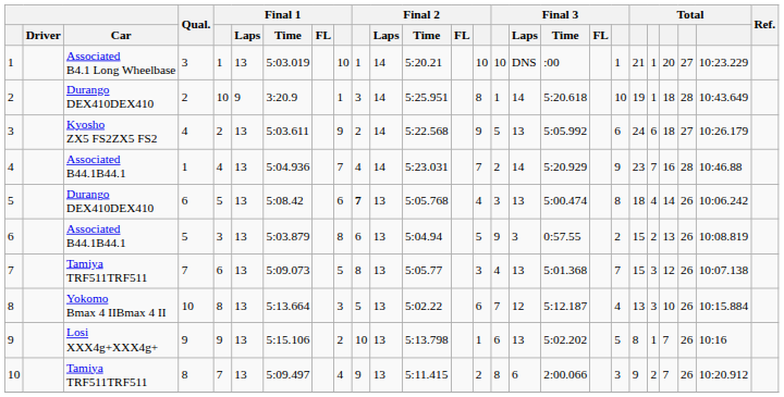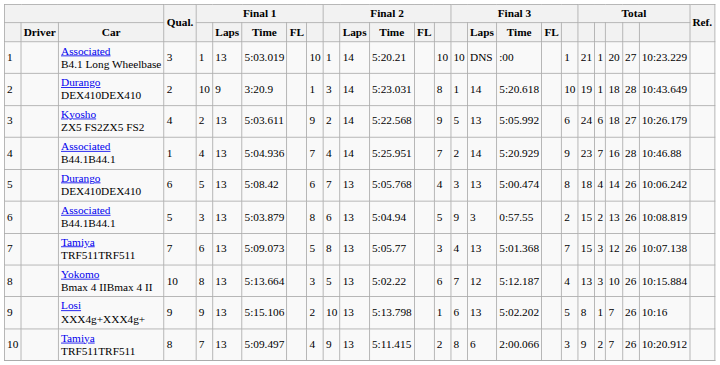 <table class="wikitable" style="font-size:85%;">
 <tr>
 <th colspan="3"></th>
 <th rowspan="2" style="text-align:center;">Qual.</th>
 <th colspan="5" style="text-align:center;">Final 1</th>
 <th colspan="5" style="text-align:center;">Final 2</th>
 <th colspan="5" style="text-align:center;">Final 3</th>
 <th colspan="5" style="text-align:center;">Total</th>
 <th rowspan="2" style="text-align:center;">Ref.</th>
 </tr>
 <tr>
 <th style="text-align:center;"></th>
 <th style="text-align:center;">Driver</th>
 <th style="text-align:center;">Car</th>
 <th style="text-align:center;"></th>
 <th style="text-align:center;">Laps</th>
 <th style="text-align:center;">Time</th>
 <th style="text-align:center;">FL</th>
 <th style="text-align:center;"></th>
 <th style="text-align:center;"></th>
 <th style="text-align:center;">Laps</th>
 <th style="text-align:center;">Time</th>
 <th style="text-align:center;">FL</th>
 <th style="text-align:center;"></th>
 <th style="text-align:center;"></th>
 <th style="text-align:center;">Laps</th>
 <th style="text-align:center;">Time</th>
 <th style="text-align:center;">FL</th>
 <th style="text-align:center;"></th>
 <th style="text-align:center;"></th>
 <th style="text-align:center;"></th>
 <th style="text-align:center;"></th>
 <th style="text-align:center;"></th>
 <th style="text-align:center;"></th>
 </tr>
 <tr>
 <td>1</td>
 <td></td>
 <td><a href='#'>Associated</a><br> B4.1 Long Wheelbase</td>
 <td>3</td>
 <td>1</td>
 <td>13</td>
 <td>5:03.019</td>
 <td></td>
 <td>10</td>
 <td>1</td>
 <td>14</td>
 <td>5:20.21</td>
 <td></td>
 <td>10</td>
 <td>10</td>
 <td>DNS</td>
 <td>:00</td>
 <td></td>
 <td>1</td>
 <td>21</td>
 <td>1</td>
 <td>20</td>
 <td>27</td>
 <td>10:23.229</td>
 <td></td>
 </tr>
 <tr>
 <td>2</td>
 <td></td>
 <td><a href='#'>Durango</a><br> DEX410DEX410</td>
 <td>2</td>
 <td>10</td>
 <td>9</td>
 <td>3:20.9</td>
 <td></td>
 <td>1</td>
 <td>3</td>
 <td>14</td>
-<td>5:25.951</td>
+<td>5:23.031</td>
 <td></td>
 <td>8</td>
 <td>1</td>
 <td>14</td>
 <td>5:20.618</td>
 <td></td>
 <td>10</td>
 <td>19</td>
 <td>1</td>
 <td>18</td>
 <td>28</td>
 <td>10:43.649</td>
 <td></td>
 </tr>
 <tr>
 <td>3</td>
 <td></td>
 <td><a href='#'>Kyosho</a><br> ZX5 FS2ZX5 FS2</td>
 <td>4</td>
 <td>2</td>
 <td>13</td>
 <td>5:03.611</td>
 <td></td>
 <td>9</td>
 <td>2</td>
 <td>14</td>
 <td>5:22.568</td>
 <td></td>
 <td>9</td>
 <td>5</td>
 <td>13</td>
 <td>5:05.992</td>
 <td></td>
 <td>6</td>
 <td>24</td>
 <td>6</td>
 <td>18</td>
 <td>27</td>
 <td>10:26.179</td>
 <td></td>
 </tr>
 <tr>
 <td>4</td>
 <td></td>
 <td><a href='#'>Associated</a><br> B44.1B44.1</td>
 <td>1</td>
 <td>4</td>
 <td>13</td>
 <td>5:04.936</td>
 <td></td>
 <td>7</td>
 <td>4</td>
 <td>14</td>
-<td>5:23.031</td>
+<td>5:25.951</td>
 <td></td>
 <td>7</td>
 <td>2</td>
 <td>14</td>
 <td>5:20.929</td>
 <td></td>
 <td>9</td>
 <td>23</td>
 <td>7</td>
 <td>16</td>
 <td>28</td>
 <td>10:46.88</td>
 <td></td>
 </tr>
 <tr>
 <td>5</td>
 <td></td>
 <td><a href='#'>Durango</a><br> DEX410DEX410</td>
 <td>6</td>
 <td>5</td>
 <td>13</td>
 <td>5:08.42</td>
 <td></td>
 <td>6</td>
-<td><strong>7</strong></td>
+<td>7</td>
 <td>13</td>
 <td>5:05.768</td>
 <td></td>
 <td>4</td>
 <td>3</td>
 <td>13</td>
 <td>5:00.474</td>
 <td></td>
 <td>8</td>
 <td>18</td>
 <td>4</td>
 <td>14</td>
 <td>26</td>
 <td>10:06.242</td>
 <td></td>
 </tr>
 <tr>
 <td>6</td>
 <td></td>
 <td><a href='#'>Associated</a><br> B44.1B44.1</td>
 <td>5</td>
 <td>3</td>
 <td>13</td>
 <td>5:03.879</td>
 <td></td>
 <td>8</td>
 <td>6</td>
 <td>13</td>
 <td>5:04.94</td>
 <td></td>
 <td>5</td>
 <td>9</td>
 <td>3</td>
 <td>0:57.55</td>
 <td></td>
 <td>2</td>
 <td>15</td>
 <td>2</td>
 <td>13</td>
 <td>26</td>
 <td>10:08.819</td>
 <td></td>
 </tr>
 <tr>
 <td>7</td>
 <td></td>
 <td><a href='#'>Tamiya</a><br> TRF511TRF511</td>
 <td>7</td>
 <td>6</td>
 <td>13</td>
 <td>5:09.073</td>
 <td></td>
 <td>5</td>
 <td>8</td>
 <td>13</td>
 <td>5:05.77</td>
 <td></td>
 <td>3</td>
 <td>4</td>
 <td>13</td>
 <td>5:01.368</td>
 <td></td>
 <td>7</td>
 <td>15</td>
 <td>3</td>
 <td>12</td>
 <td>26</td>
 <td>10:07.138</td>
 <td></td>
 </tr>
 <tr>
 <td>8</td>
 <td></td>
 <td><a href='#'>Yokomo</a><br> Bmax 4 IIBmax 4 II</td>
 <td>10</td>
 <td>8</td>
 <td>13</td>
 <td>5:13.664</td>
 <td></td>
 <td>3</td>
 <td>5</td>
 <td>13</td>
 <td>5:02.22</td>
 <td></td>
 <td>6</td>
 <td>7</td>
 <td>12</td>
 <td>5:12.187</td>
 <td></td>
 <td>4</td>
 <td>13</td>
 <td>3</td>
 <td>10</td>
 <td>26</td>
 <td>10:15.884</td>
 <td></td>
 </tr>
 <tr>
 <td>9</td>
 <td></td>
 <td><a href='#'>Losi</a><br> XXX4g+XXX4g+</td>
 <td>9</td>
 <td>9</td>
 <td>13</td>
 <td>5:15.106</td>
 <td></td>
 <td>2</td>
 <td>10</td>
 <td>13</td>
 <td>5:13.798</td>
 <td></td>
 <td>1</td>
 <td>6</td>
 <td>13</td>
 <td>5:02.202</td>
 <td></td>
 <td>5</td>
 <td>8</td>
 <td>1</td>
 <td>7</td>
 <td>26</td>
 <td>10:16</td>
 <td></td>
 </tr>
 <tr>
 <td>10</td>
 <td></td>
 <td><a href='#'>Tamiya</a><br> TRF511TRF511</td>
 <td>8</td>
 <td>7</td>
 <td>13</td>
 <td>5:09.497</td>
 <td></td>
 <td>4</td>
 <td>9</td>
 <td>13</td>
 <td>5:11.415</td>
 <td></td>
 <td>2</td>
 <td>8</td>
 <td>6</td>
 <td>2:00.066</td>
 <td></td>
 <td>3</td>
 <td>9</td>
 <td>2</td>
 <td>7</td>
 <td>26</td>
 <td>10:20.912</td>
 <td></td>
 </tr>
 <tr>
 </tr>
 </table>
